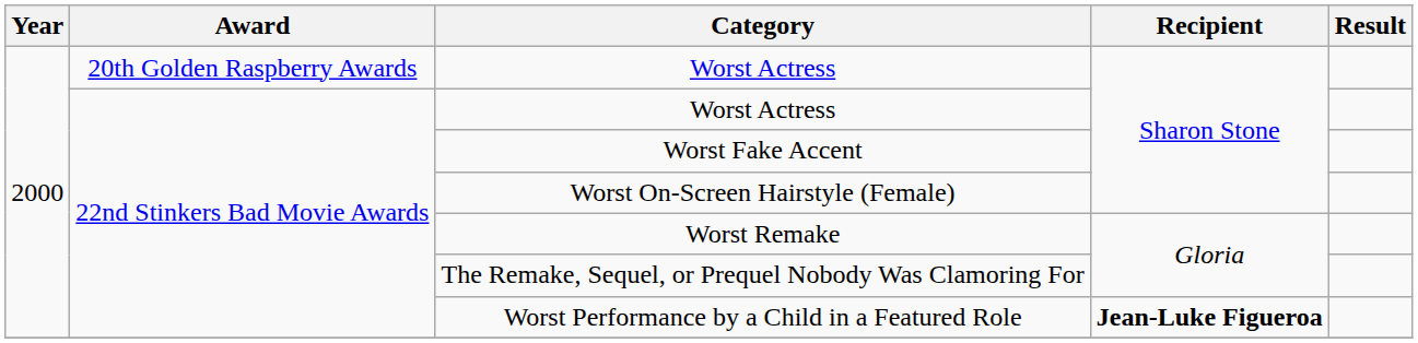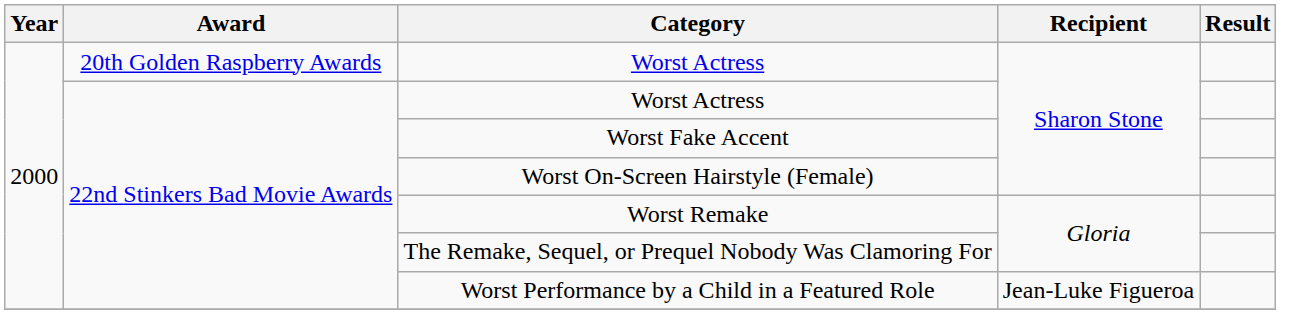 <table class="wikitable plainrowheaders" style="text-align:center;">
 <tr>
 <th scope="col">Year</th>
 <th scope="col">Award</th>
 <th scope="col">Category</th>
 <th scope="col">Recipient</th>
 <th scope="col">Result</th>
 </tr>
 <tr>
 <td rowspan="7">2000</td>
 <td><a href='#'>20th Golden Raspberry Awards</a></td>
 <td><a href='#'>Worst Actress</a></td>
 <td rowspan="4"><a href='#'>Sharon Stone</a></td>
 <td></td>
 </tr>
 <tr>
 <td rowspan="6"><a href='#'>22nd Stinkers Bad Movie Awards</a></td>
 <td>Worst Actress</td>
 <td></td>
 </tr>
 <tr>
 <td>Worst Fake Accent</td>
 <td></td>
 </tr>
 <tr>
 <td>Worst On-Screen Hairstyle (Female)</td>
 <td></td>
 </tr>
 <tr>
 <td>Worst Remake</td>
 <td rowspan="2"><em>Gloria</em></td>
 <td></td>
 </tr>
 <tr>
 <td>The Remake, Sequel, or Prequel Nobody Was Clamoring For</td>
 <td></td>
 </tr>
 <tr>
 <td>Worst Performance by a Child in a Featured Role</td>
-<td><strong>Jean-Luke Figueroa</strong></td>
+<td>Jean-Luke Figueroa</td>
 <td></td>
 </tr>
 <tr>
 </tr>
 </table>
